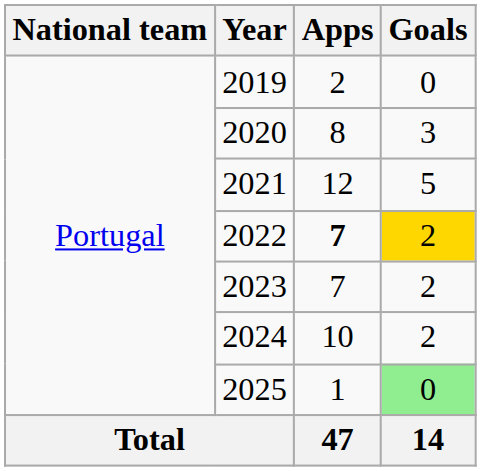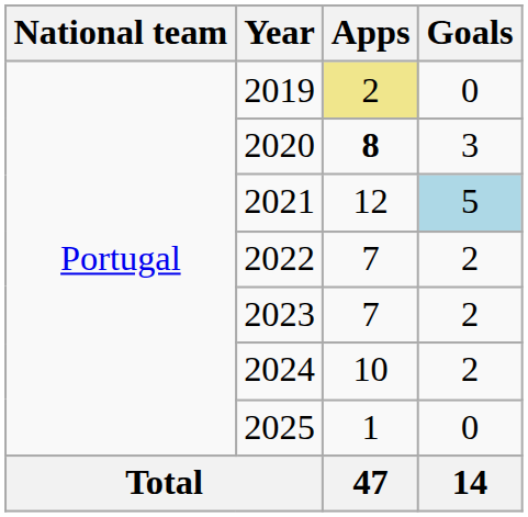 <table class="wikitable" style="text-align: center;">
 <tr>
 <th>National team</th>
 <th>Year</th>
 <th>Apps</th>
 <th>Goals</th>
 </tr>
 <tr>
 <td rowspan="7"><a href='#'>Portugal</a></td>
 <td>2019</td>
-<td>2</td>
+<td style="background: khaki;">2</td>
 <td>0</td>
 </tr>
 <tr>
 <td>2020</td>
-<td>8</td>
+<td><strong>8</strong></td>
 <td>3</td>
 </tr>
 <tr>
 <td>2021</td>
 <td>12</td>
-<td>5</td>
+<td style="background: lightblue;">5</td>
 </tr>
 <tr>
 <td>2022</td>
-<td><strong>7</strong></td>
-<td style="background: gold;">2</td>
+<td>7</td>
+<td>2</td>
 </tr>
 <tr>
 <td>2023</td>
 <td>7</td>
 <td>2</td>
 </tr>
 <tr>
 <td>2024</td>
 <td>10</td>
 <td>2</td>
 </tr>
 <tr>
 <td>2025</td>
 <td>1</td>
-<td style="background: lightgreen;">0</td>
+<td>0</td>
 </tr>
 <tr>
 <th colspan="2">Total</th>
 <th>47</th>
 <th>14</th>
 </tr>
 </table>
